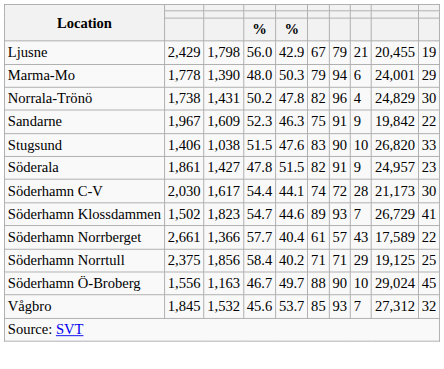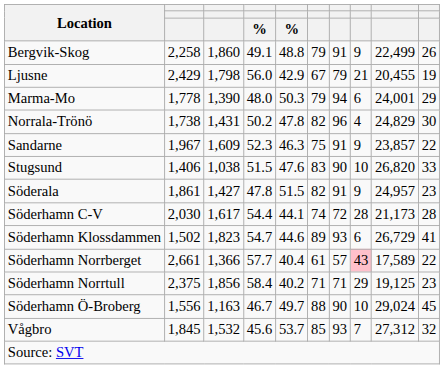 <table role="presentation" class="wikitable sortable mw-collapsible">
 <tr>
 <th rowspan="3">Location</th>
 <th></th>
 <th></th>
 <th></th>
 <th></th>
 <th></th>
 <th></th>
 <th></th>
 <th></th>
 <th></th>
 </tr>
 <tr>
 <th></th>
 <th></th>
 <th style="background:"></th>
 <th style="background:"></th>
 <th></th>
 <th></th>
 <th></th>
 <th></th>
 <th></th>
 </tr>
 <tr>
 <th data-sort-type="number"></th>
 <th data-sort-type="number"></th>
 <th data-sort-type="number">%</th>
 <th data-sort-type="number">%</th>
 <th data-sort-type="number"></th>
 <th data-sort-type="number"></th>
 <th data-sort-type="number"></th>
 <th data-sort-type="number"></th>
 <th data-sort-type="number"></th>
+</tr>
+<tr>
+<td align="left">Bergvik-Skog</td>
+<td>2,258</td>
+<td>1,860</td>
+<td>49.1</td>
+<td>48.8</td>
+<td>79</td>
+<td>91</td>
+<td>9</td>
+<td>22,499</td>
+<td>26</td>
 </tr>
 <tr>
 <td align="left">Ljusne</td>
 <td>2,429</td>
 <td>1,798</td>
 <td>56.0</td>
 <td>42.9</td>
 <td>67</td>
 <td>79</td>
 <td>21</td>
 <td>20,455</td>
 <td>19</td>
 </tr>
 <tr>
 <td align="left">Marma-Mo</td>
 <td>1,778</td>
 <td>1,390</td>
 <td>48.0</td>
 <td>50.3</td>
 <td>79</td>
 <td>94</td>
 <td>6</td>
 <td>24,001</td>
 <td>29</td>
 </tr>
 <tr>
 <td align="left">Norrala-Trönö</td>
 <td>1,738</td>
 <td>1,431</td>
 <td>50.2</td>
 <td>47.8</td>
 <td>82</td>
 <td>96</td>
 <td>4</td>
 <td>24,829</td>
 <td>30</td>
 </tr>
 <tr>
 <td align="left">Sandarne</td>
 <td>1,967</td>
 <td>1,609</td>
 <td>52.3</td>
 <td>46.3</td>
 <td>75</td>
 <td>91</td>
 <td>9</td>
-<td>19,842</td>
+<td>23,857</td>
 <td>22</td>
 </tr>
 <tr>
 <td align="left">Stugsund</td>
 <td>1,406</td>
 <td>1,038</td>
 <td>51.5</td>
 <td>47.6</td>
 <td>83</td>
 <td>90</td>
 <td>10</td>
 <td>26,820</td>
 <td>33</td>
 </tr>
 <tr>
 <td align="left">Söderala</td>
 <td>1,861</td>
 <td>1,427</td>
 <td>47.8</td>
 <td>51.5</td>
 <td>82</td>
 <td>91</td>
 <td>9</td>
 <td>24,957</td>
 <td>23</td>
 </tr>
 <tr>
 <td align="left">Söderhamn C-V</td>
 <td>2,030</td>
 <td>1,617</td>
 <td>54.4</td>
 <td>44.1</td>
 <td>74</td>
 <td>72</td>
 <td>28</td>
 <td>21,173</td>
-<td>30</td>
+<td>28</td>
 </tr>
 <tr>
 <td align="left">Söderhamn Klossdammen</td>
 <td>1,502</td>
 <td>1,823</td>
 <td>54.7</td>
 <td>44.6</td>
 <td>89</td>
 <td>93</td>
-<td>7</td>
+<td>6</td>
 <td>26,729</td>
 <td>41</td>
 </tr>
 <tr>
 <td align="left">Söderhamn Norrberget</td>
 <td>2,661</td>
 <td>1,366</td>
 <td>57.7</td>
 <td>40.4</td>
 <td>61</td>
 <td>57</td>
-<td>43</td>
+<td style="background: pink;">43</td>
 <td>17,589</td>
 <td>22</td>
 </tr>
 <tr>
 <td align="left">Söderhamn Norrtull</td>
 <td>2,375</td>
 <td>1,856</td>
 <td>58.4</td>
 <td>40.2</td>
 <td>71</td>
 <td>71</td>
 <td>29</td>
 <td>19,125</td>
-<td>25</td>
+<td>23</td>
 </tr>
 <tr>
 <td align="left">Söderhamn Ö-Broberg</td>
 <td>1,556</td>
 <td>1,163</td>
 <td>46.7</td>
 <td>49.7</td>
 <td>88</td>
 <td>90</td>
 <td>10</td>
 <td>29,024</td>
 <td>45</td>
 </tr>
 <tr>
 <td align="left">Vågbro</td>
 <td>1,845</td>
 <td>1,532</td>
 <td>45.6</td>
 <td>53.7</td>
 <td>85</td>
 <td>93</td>
 <td>7</td>
 <td>27,312</td>
 <td>32</td>
 </tr>
 <tr>
 <td colspan="10" align="left">Source: <a href='#'>SVT</a></td>
 </tr>
 </table>
